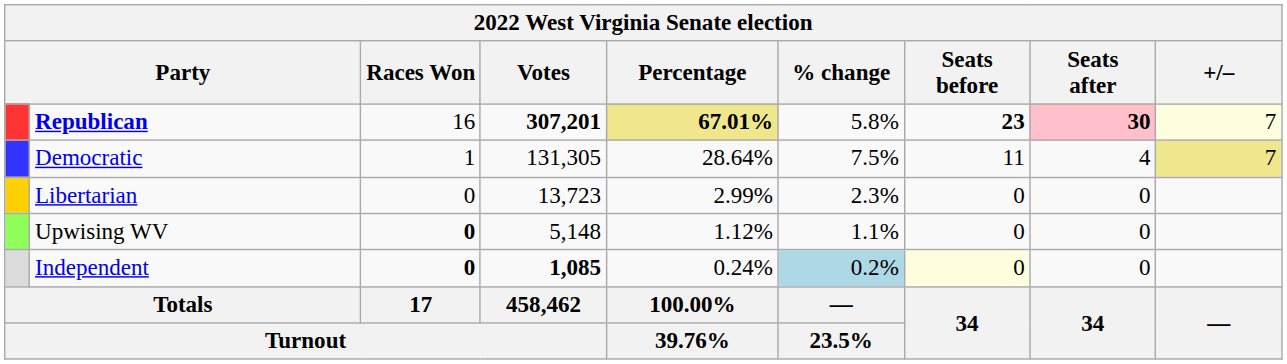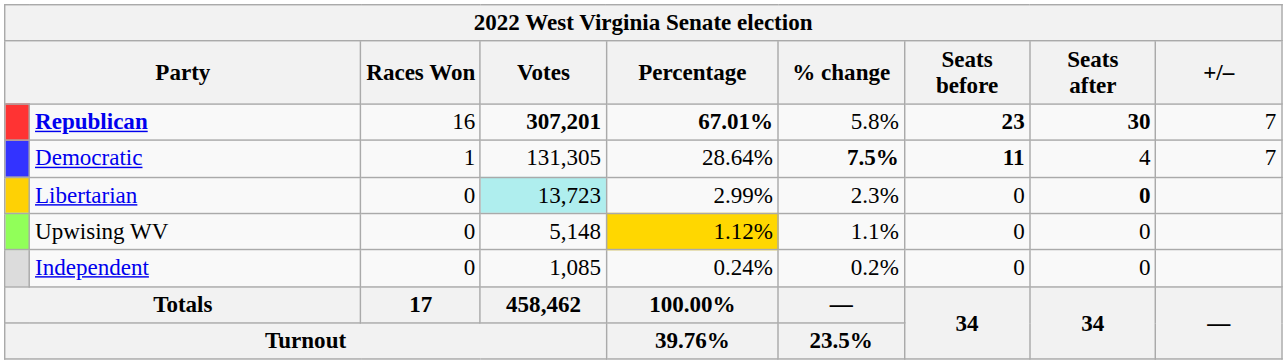 <table class="wikitable">
 <tr>
 <th colspan="10">2022 West Virginia Senate election</th>
 </tr>
 <tr align="center">
 <th colspan="2" style="width: 15em">Party</th>
 <th>Races Won</th>
 <th style="width: 5em">Votes</th>
 <th style="width: 7em">Percentage</th>
 <th style="width: 5em">% change</th>
 <th style="width: 5em">Seats<br>before</th>
 <th style="width: 5em">Seats<br>after</th>
 <th style="width: 5em">+/–</th>
 </tr>
 <tr>
 <th style="background-color:#FF3333; width: 3px"></th>
 <td style="width: 130px"><a href='#'><strong>Republican</strong></a></td>
 <td align="right">16</td>
 <td align="right"><strong>307,201</strong></td>
-<td align="right" style="background: khaki;"><strong>67.01%</strong></td>
+<td align="right"><strong>67.01%</strong></td>
 <td align="right"> 5.8%</td>
 <td align="right"><strong>23</strong></td>
-<td align="right" style="background: pink;"><strong>30</strong></td>
-<td align="right" style="background: lightyellow;"> 7</td>
+<td align="right"><strong>30</strong></td>
+<td align="right"> 7</td>
 </tr>
 <tr>
 <th style="background-color:#3333FF; width: 3px"></th>
 <td style="width: 130px"><a href='#'>Democratic</a></td>
 <td align="right">1</td>
 <td align="right">131,305</td>
 <td align="right">28.64%</td>
-<td align="right"> 7.5%</td>
-<td align="right">11</td>
+<td align="right"><strong> 7.5%</strong></td>
+<td align="right"><strong>11</strong></td>
 <td align="right">4</td>
-<td align="right" style="background: khaki;"> 7</td>
+<td align="right"> 7</td>
 </tr>
 <tr>
 <th style="background:#FED105; width:3px;"></th>
 <td style="width: 130px"><a href='#'>Libertarian</a></td>
 <td align="right">0</td>
-<td align="right">13,723</td>
+<td align="right" style="background: paleturquoise;">13,723</td>
 <td align="right">2.99%</td>
 <td align="right"> 2.3%</td>
 <td align="right">0</td>
-<td align="right">0</td>
+<td align="right"><strong>0</strong></td>
 <td align="right"></td>
 </tr>
 <tr>
 <th style="background:#91FF59; width:3px;"></th>
 <td>Upwising WV</td>
-<td align="right"><strong>0</strong></td>
+<td align="right">0</td>
 <td align="right">5,148</td>
-<td align="right">1.12%</td>
+<td align="right" style="background: gold;">1.12%</td>
 <td align="right"> 1.1%</td>
 <td align="right">0</td>
 <td align="right">0</td>
 <td align="right"></td>
 </tr>
 <tr>
 <th style="background:#DCDCDC; width:3px;"></th>
 <td><a href='#'>Independent</a></td>
-<td align="right"><strong>0</strong></td>
-<td align="right"><strong>1,085</strong></td>
+<td align="right">0</td>
+<td align="right">1,085</td>
 <td align="right">0.24%</td>
-<td align="right" style="background: lightblue;"> 0.2%</td>
-<td align="right" style="background: lightyellow;">0</td>
+<td align="right"> 0.2%</td>
+<td align="right">0</td>
 <td align="right">0</td>
 <td align="right"></td>
 </tr>
 <tr>
 <th colspan="2" align="right">Totals</th>
 <th align="right">17</th>
 <th align="right">458,462</th>
 <th align="right">100.00%</th>
 <th align="right">—</th>
 <th rowspan="2" align="right">34</th>
 <th rowspan="2" align="right">34</th>
 <th rowspan="2" align="right">—</th>
 </tr>
 <tr>
 <th colspan="4">Turnout</th>
 <th>39.76%</th>
 <th> 23.5%</th>
 </tr>
 </table>
